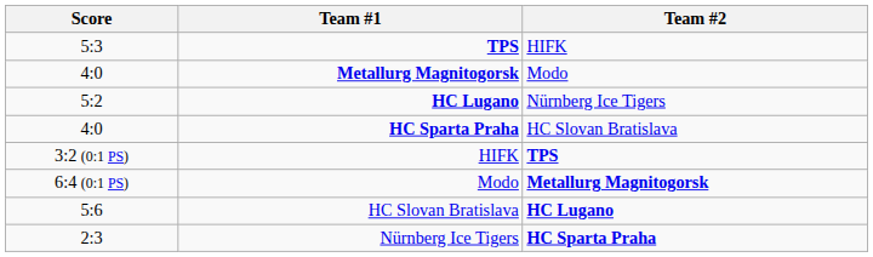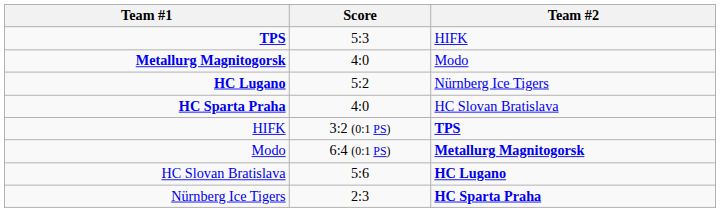 <table class="wikitable" style="text-align: center;">
 <tr>
+<th width=22%>Team #1</th>
 <th width=11%>Score</th>
-<th width=22%>Team #1</th>
 <th width=22%>Team #2</th>
 </tr>
 <tr>
+<td style="text-align: right;"><strong><a href='#'>TPS</a></strong> </td>
 <td>5:3</td>
-<td style="text-align: right;"><strong><a href='#'>TPS</a></strong> </td>
 <td style="text-align: left;"> <a href='#'>HIFK</a></td>
 </tr>
 <tr>
+<td style="text-align: right;"><strong><a href='#'>Metallurg Magnitogorsk</a></strong> </td>
 <td>4:0</td>
-<td style="text-align: right;"><strong><a href='#'>Metallurg Magnitogorsk</a></strong> </td>
 <td style="text-align: left;"> <a href='#'>Modo</a></td>
 </tr>
 <tr>
+<td style="text-align: right;"><strong><a href='#'>HC Lugano</a></strong> </td>
 <td>5:2</td>
-<td style="text-align: right;"><strong><a href='#'>HC Lugano</a></strong> </td>
 <td style="text-align: left;"> <a href='#'>Nürnberg Ice Tigers</a></td>
 </tr>
 <tr>
+<td style="text-align: right;"><strong><a href='#'>HC Sparta Praha</a></strong> </td>
 <td>4:0</td>
-<td style="text-align: right;"><strong><a href='#'>HC Sparta Praha</a></strong> </td>
 <td style="text-align: left;"> <a href='#'>HC Slovan Bratislava</a></td>
 </tr>
 <tr>
+<td style="text-align: right;"><a href='#'>HIFK</a> </td>
 <td>3:2 <small>(0:1 <a href='#'>PS</a>)</small></td>
-<td style="text-align: right;"><a href='#'>HIFK</a> </td>
 <td style="text-align: left;"> <strong><a href='#'>TPS</a></strong></td>
 </tr>
 <tr>
+<td style="text-align: right;"><a href='#'>Modo</a> </td>
 <td>6:4 <small>(0:1 <a href='#'>PS</a>)</small></td>
-<td style="text-align: right;"><a href='#'>Modo</a> </td>
 <td style="text-align: left;"> <strong><a href='#'>Metallurg Magnitogorsk</a></strong></td>
 </tr>
 <tr>
+<td style="text-align: right;"><a href='#'>HC Slovan Bratislava</a> </td>
 <td>5:6</td>
-<td style="text-align: right;"><a href='#'>HC Slovan Bratislava</a> </td>
 <td style="text-align: left;"> <strong><a href='#'>HC Lugano</a></strong></td>
 </tr>
 <tr>
+<td style="text-align: right;"><a href='#'>Nürnberg Ice Tigers</a> </td>
 <td>2:3</td>
-<td style="text-align: right;"><a href='#'>Nürnberg Ice Tigers</a> </td>
 <td style="text-align: left;"> <strong><a href='#'>HC Sparta Praha</a></strong></td>
 </tr>
 </table>
